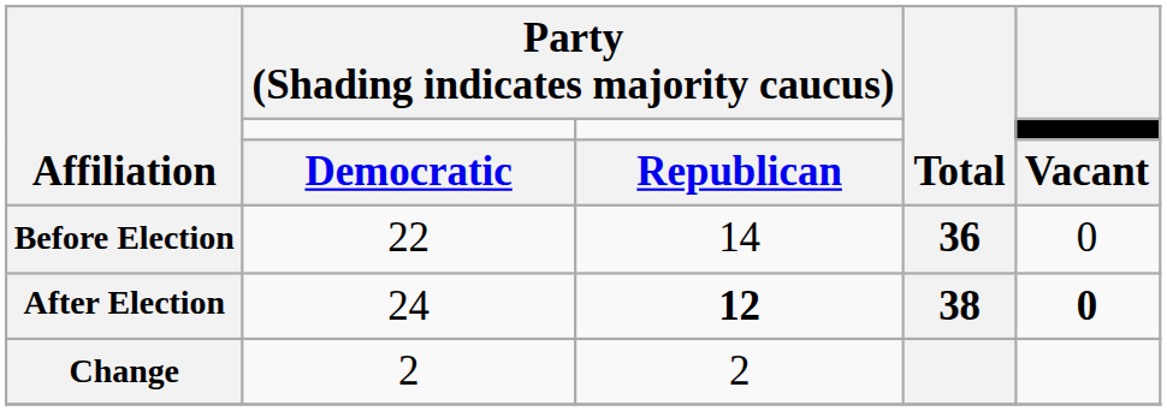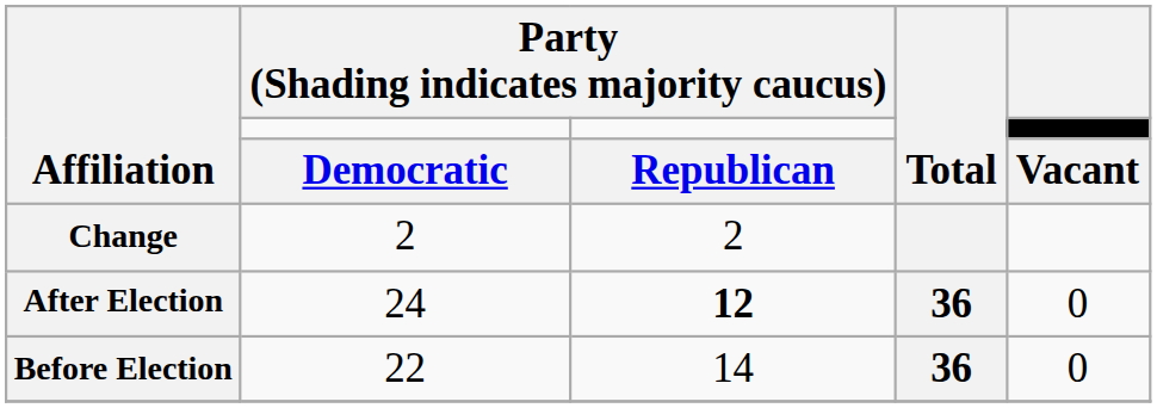 <table class=wikitable style="text-align:center">
 <tr style="vertical-align:bottom;">
 <th rowspan="3">Affiliation</th>
 <th colspan="2">Party <div>(Shading indicates majority caucus)</div></th>
 <th rowspan="3">Total</th>
 <th></th>
 </tr>
 <tr style="height:5px">
 <td style="background-color:"></td>
 <td style="background-color:"></td>
 <td style="background-color:black"></td>
 </tr>
 <tr>
 <th><a href='#'>Democratic</a></th>
 <th><a href='#'>Republican</a></th>
 <th>Vacant</th>
 </tr>
 <tr>
+<th style="font-size:80%">Change</th>
+<td> 2</td>
+<td> 2</td>
+<th></th>
+<td></td>
+</tr>
+<tr>
+<th style="font-size:80%">After Election</th>
+<td>24</td>
+<td><strong>12</strong></td>
+<th>36</th>
+<td>0</td>
+</tr>
+<tr>
 <th style="font-size:80%">Before Election</th>
 <td>22</td>
 <td>14</td>
 <th>36</th>
 <td>0</td>
 </tr>
 <tr>
-<th style="font-size:80%">After Election</th>
-<td>24</td>
-<td><strong>12</strong></td>
-<th>38</th>
-<td><strong>0</strong></td>
-</tr>
-<tr>
-<th style="font-size:80%">Change</th>
-<td> 2</td>
-<td> 2</td>
-<th></th>
-<td></td>
-</tr>
-<tr>
 </tr>
 </table>
